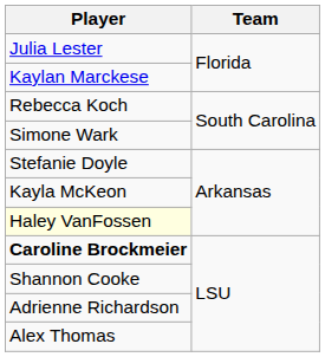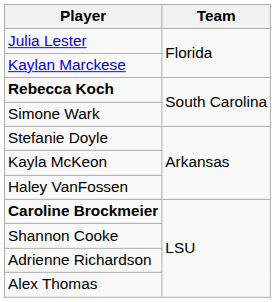 <table class="wikitable">
 <tr>
 <th>Player</th>
 <th>Team</th>
 </tr>
 <tr>
 <td><a href='#'>Julia Lester</a></td>
 <td rowspan=2>Florida</td>
 </tr>
 <tr>
 <td><a href='#'>Kaylan Marckese</a></td>
 </tr>
 <tr>
-<td>Rebecca Koch</td>
+<td><strong>Rebecca Koch</strong></td>
 <td rowspan=2>South Carolina</td>
 </tr>
 <tr>
 <td>Simone Wark</td>
 </tr>
 <tr>
 <td>Stefanie Doyle</td>
 <td rowspan=3>Arkansas</td>
 </tr>
 <tr>
 <td>Kayla McKeon</td>
 </tr>
 <tr>
-<td style="background: lightyellow;">Haley VanFossen</td>
+<td>Haley VanFossen</td>
 </tr>
 <tr>
 <td><strong>Caroline Brockmeier</strong></td>
 <td rowspan=4>LSU</td>
 </tr>
 <tr>
 <td>Shannon Cooke</td>
 </tr>
 <tr>
 <td>Adrienne Richardson</td>
 </tr>
 <tr>
 <td>Alex Thomas</td>
 </tr>
 </table>
